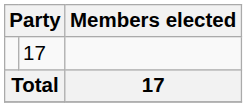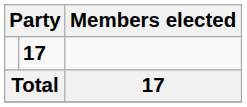 <table class="wikitable">
 <tr>
 <th colspan=2>Party</th>
 <th>Members elected</th>
 </tr>
 <tr>
 <td></td>
-<td>17</td>
+<td><strong>17</strong></td>
 </tr>
 <tr>
 <th colspan=2>Total</th>
 <th>17</th>
 </tr>
 <tr>
 </tr>
 </table>
